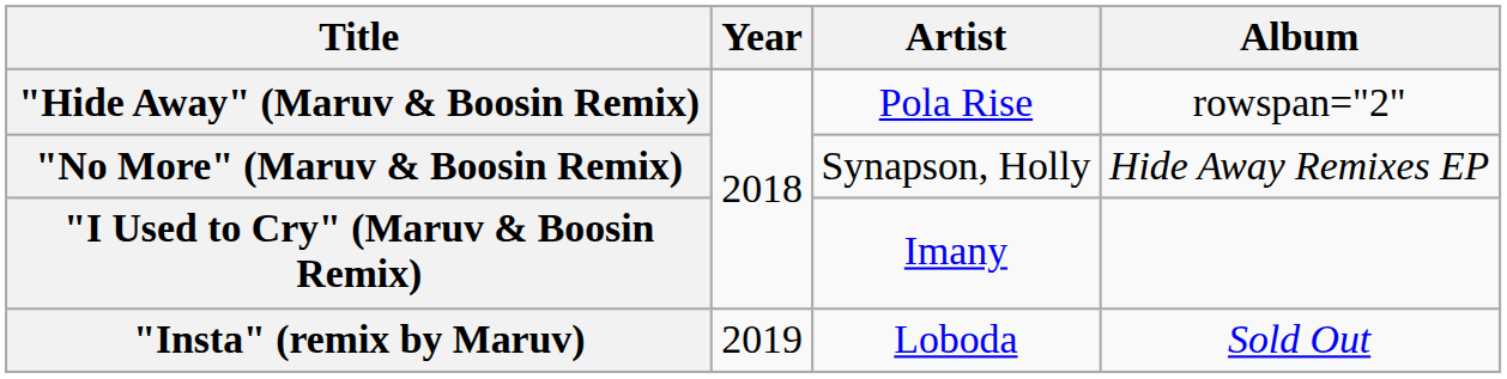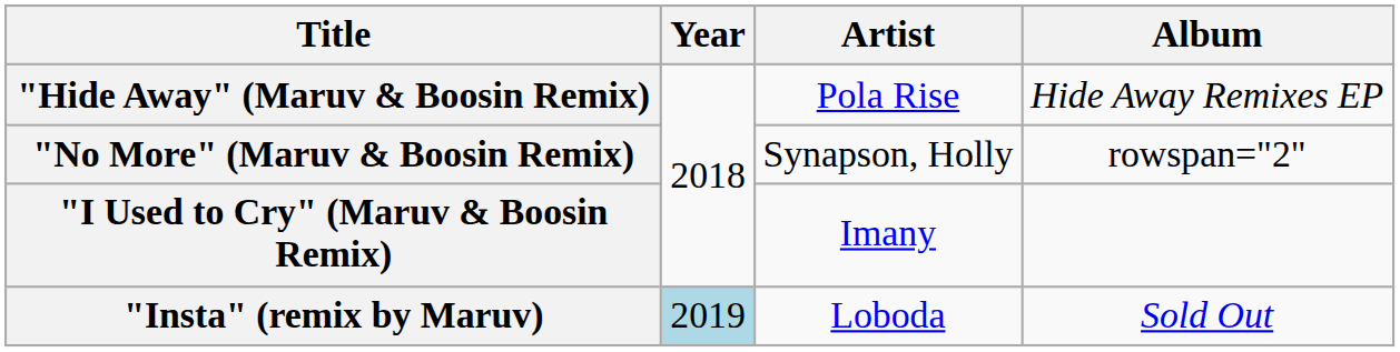 <table class="wikitable plainrowheaders" style="text-align:center;">
 <tr>
 <th style="width:17em;">Title</th>
 <th>Year</th>
 <th>Artist</th>
 <th>Album</th>
 </tr>
 <tr>
 <th scope="row">"Hide Away" (Maruv & Boosin Remix)</th>
 <td rowspan="3">2018</td>
 <td><a href='#'>Pola Rise</a></td>
-<td>rowspan="2" </td>
+<td><em>Hide Away Remixes EP</em></td>
 </tr>
 <tr>
 <th scope="row">"No More" (Maruv & Boosin Remix)</th>
 <td>Synapson, Holly</td>
-<td><em>Hide Away Remixes EP</em></td>
+<td>rowspan="2" </td>
 </tr>
 <tr>
 <th scope="row">"I Used to Cry" (Maruv & Boosin Remix)</th>
 <td><a href='#'>Imany</a></td>
 </tr>
 <tr>
 <th scope="row">"Insta" (remix by Maruv)</th>
-<td>2019</td>
+<td style="background: lightblue;">2019</td>
 <td><a href='#'>Loboda</a></td>
 <td><em><a href='#'>Sold Out</a></em></td>
 </tr>
 </table>
